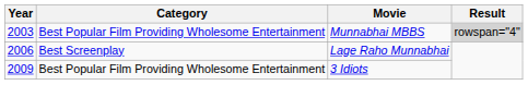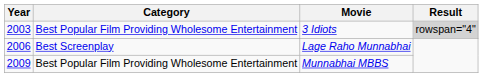 <table class="wikitable">
 <tr>
 <th>Year</th>
 <th>Category</th>
 <th>Movie</th>
 <th>Result</th>
 </tr>
 <tr>
 <td><a href='#'>2003<br></a></td>
 <td rowspan="2"><a href='#'>Best Popular Film Providing Wholesome Entertainment</a></td>
-<td><em><a href='#'>Munnabhai MBBS</a></em></td>
+<td><em><a href='#'>3 Idiots</a></em></td>
 <td style="background: lightgrey;">rowspan="4"</td>
 </tr>
 <tr>
 <td rowspan="2"><a href='#'>2006<br></a></td>
 <td rowspan="2"><em><a href='#'>Lage Raho Munnabhai</a></em></td>
 </tr>
 <tr>
 <td><a href='#'>Best Screenplay</a></td>
 </tr>
 <tr>
 <td><a href='#'>2009<br></a></td>
 <td>Best Popular Film Providing Wholesome Entertainment</td>
-<td><em><a href='#'>3 Idiots</a></em></td>
+<td><em><a href='#'>Munnabhai MBBS</a></em></td>
 </tr>
 </table>
